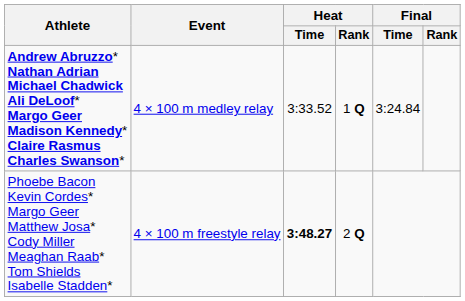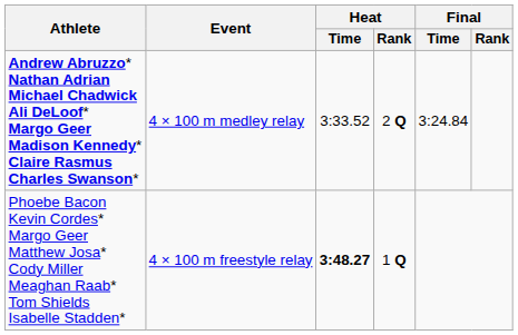 <table class=wikitable style=font-size:90%;text-align:center>
 <tr>
 <th rowspan=2>Athlete</th>
 <th rowspan=2>Event</th>
 <th colspan=2>Heat</th>
 <th colspan=2>Final</th>
 </tr>
 <tr style=font-size:95%>
 <th>Time</th>
 <th>Rank</th>
 <th>Time</th>
 <th>Rank</th>
 </tr>
 <tr>
 <td align=left><strong><a href='#'>Andrew Abruzzo</a></strong>*<strong><br><a href='#'>Nathan Adrian</a><br><a href='#'>Michael Chadwick</a><br><a href='#'>Ali DeLoof</a></strong>*<strong><br><a href='#'>Margo Geer</a><br><a href='#'>Madison Kennedy</a></strong>*<strong><br><a href='#'>Claire Rasmus</a><br><a href='#'>Charles Swanson</a></strong>*</td>
 <td align=left><a href='#'>4 × 100 m medley relay</a></td>
 <td>3:33.52</td>
-<td>1 <strong>Q</strong></td>
+<td>2 <strong>Q</strong></td>
 <td>3:24.84</td>
 <td></td>
 </tr>
 <tr>
 <td align=left><a href='#'>Phoebe Bacon</a><br><a href='#'>Kevin Cordes</a>*<br><a href='#'>Margo Geer</a><br><a href='#'>Matthew Josa</a>*<br><a href='#'>Cody Miller</a><br><a href='#'>Meaghan Raab</a>*<br><a href='#'>Tom Shields</a><br><a href='#'>Isabelle Stadden</a>*</td>
 <td align=left><a href='#'>4 × 100 m freestyle relay</a></td>
 <td><strong>3:48.27</strong></td>
-<td>2 <strong>Q</strong></td>
+<td>1 <strong>Q</strong></td>
 <td colspan=2></td>
 </tr>
 </table>
